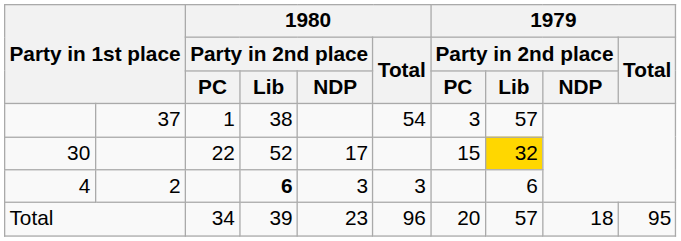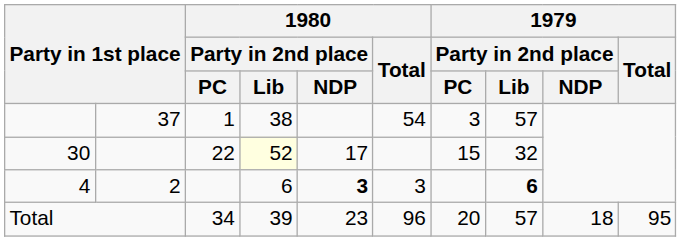 <table class="wikitable" style="text-align:right;">
 <tr>
 <th rowspan="3" colspan="2" style="text-align:left;">Party in 1st place</th>
 <th colspan="4">1980</th>
 <th colspan="4">1979</th>
 </tr>
 <tr>
 <th colspan="3">Party in 2nd place</th>
 <th rowspan="2">Total</th>
 <th colspan="3">Party in 2nd place</th>
 <th rowspan="2">Total</th>
 </tr>
 <tr>
 <th>PC</th>
 <th>Lib</th>
 <th>NDP</th>
 <th>PC</th>
 <th>Lib</th>
 <th>NDP</th>
 </tr>
 <tr>
 <td></td>
 <td>37</td>
 <td>1</td>
 <td>38</td>
 <td></td>
 <td>54</td>
 <td>3</td>
 <td>57</td>
 </tr>
 <tr>
 <td>30</td>
 <td></td>
 <td>22</td>
-<td>52</td>
+<td style="background: lightyellow;">52</td>
 <td>17</td>
 <td></td>
 <td>15</td>
-<td style="background: gold;">32</td>
+<td>32</td>
 </tr>
 <tr>
 <td>4</td>
 <td>2</td>
 <td></td>
-<td><strong>6</strong></td>
-<td>3</td>
+<td>6</td>
+<td><strong>3</strong></td>
 <td>3</td>
 <td></td>
-<td>6</td>
+<td><strong>6</strong></td>
 </tr>
 <tr>
 <td colspan="2" style="text-align:left;">Total</td>
 <td>34</td>
 <td>39</td>
 <td>23</td>
 <td>96</td>
 <td>20</td>
 <td>57</td>
 <td>18</td>
 <td>95</td>
 </tr>
 </table>
